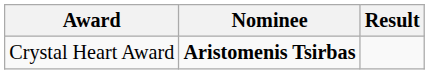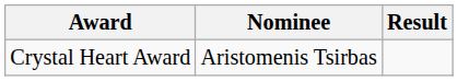 <table class="wikitable sortable">
 <tr>
 <th>Award</th>
 <th>Nominee</th>
 <th>Result</th>
 </tr>
 <tr>
 <td rowspan="2">Crystal Heart Award</td>
-<td><strong>Aristomenis Tsirbas</strong></td>
+<td>Aristomenis Tsirbas</td>
 <td></td>
 </tr>
 </table>
